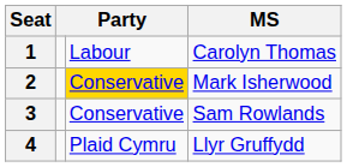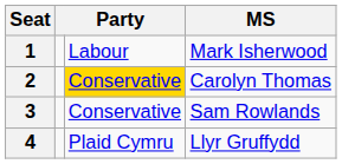 <table class="wikitable">
 <tr>
 <th>Seat</th>
 <th colspan=2>Party</th>
 <th>MS</th>
 </tr>
 <tr>
 <th>1</th>
 <td style="color:inherit;background:"></td>
 <td><a href='#'>Labour</a></td>
-<td><a href='#'>Carolyn Thomas</a></td>
+<td><a href='#'>Mark Isherwood</a></td>
 </tr>
 <tr>
 <th>2</th>
 <td style="color:inherit;background:"></td>
 <td style="background: gold;"><a href='#'>Conservative</a></td>
-<td><a href='#'>Mark Isherwood</a></td>
+<td><a href='#'>Carolyn Thomas</a></td>
 </tr>
 <tr>
 <th>3</th>
 <td style="color:inherit;background:"></td>
 <td><a href='#'>Conservative</a></td>
 <td><a href='#'>Sam Rowlands</a></td>
 </tr>
 <tr>
 <th>4</th>
 <td style="color:inherit;background:"></td>
 <td><a href='#'>Plaid Cymru</a></td>
 <td><a href='#'>Llyr Gruffydd</a></td>
 </tr>
 </table>
